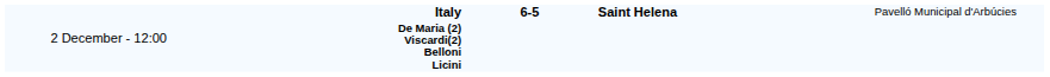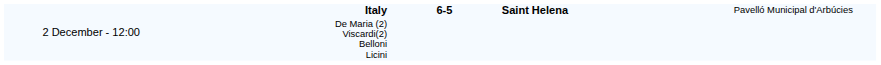 <table style="width: 100%; background:#F5FAFF;" cellspacing="0">
 <tr>
 <td align=center rowspan=3 width=20%>2 December - 12:00</td>
 </tr>
 <tr>
 <td width=24% align=right><strong>Italy </strong></td>
 <td align=center width=13%><strong>6-5</strong></td>
 <td width=24%> <strong>Saint Helena</strong></td>
 <td style=font-size:85% rowspan=3 valign=top align=center>Pavelló Municipal d'Arbúcies</td>
 </tr>
 <tr style=font-size:85%>
-<td align=right valign=top><strong>De Maria (2)<br>Viscardi(2)<br>Belloni<br>Licini</strong></td>
+<td align=right valign=top>De Maria (2)<br>Viscardi(2)<br>Belloni<br>Licini</td>
 <td></td>
 <td></td>
 </tr>
 </table>
